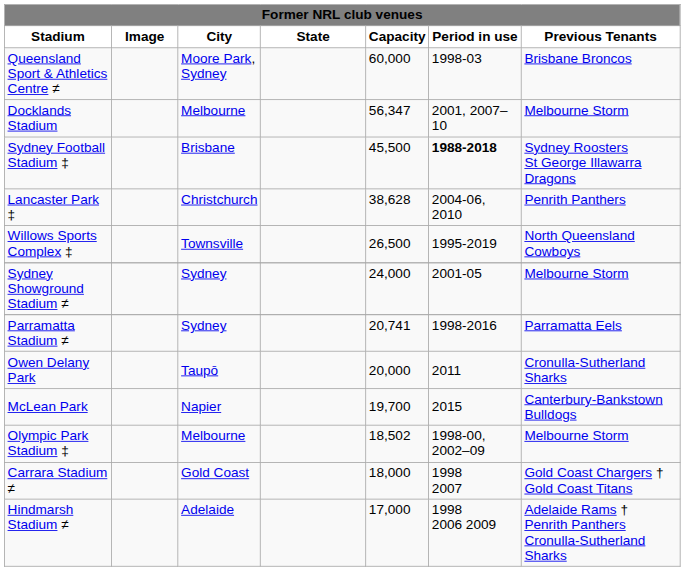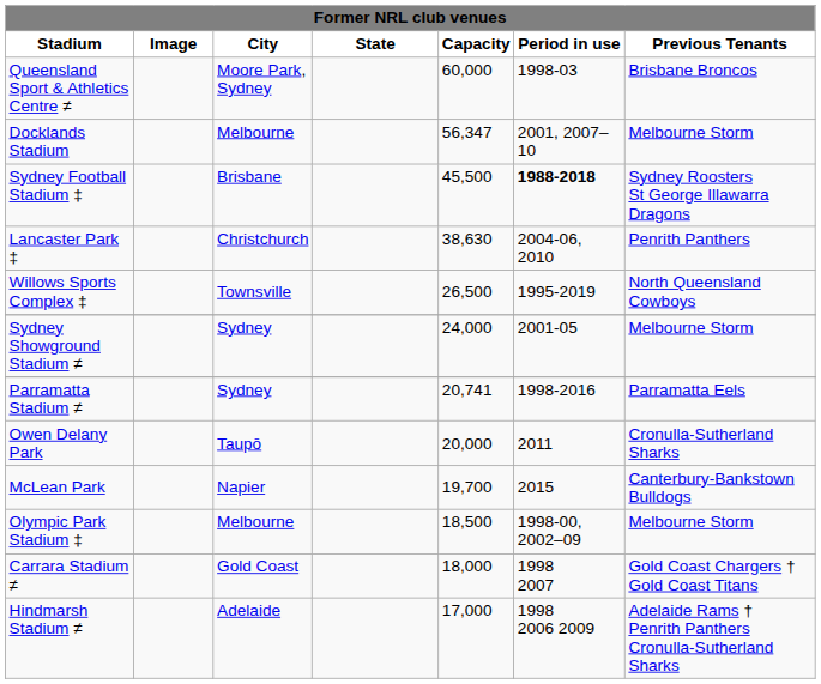 <table class="wikitable" style="width: 90%">
 <tr>
 <td colspan="7" style="background:gray; text-align:center;"><strong><span>Former NRL club venues</span></strong></td>
 </tr>
 <tr>
 <th style="background:white; width:16%">Stadium</th>
 <th style="background:white; width:10%">Image</th>
 <th style="background:white; width:12%">City</th>
 <th style="background:white; width:16%">State</th>
 <th style="background:white; width:8%">Capacity</th>
 <th style="background:white; width:14%">Period in use</th>
 <th style="background:white; width:25%">Previous Tenants</th>
 </tr>
 <tr valign="top">
 <td><a href='#'>Queensland Sport & Athletics Centre</a> ≠</td>
 <td></td>
 <td><a href='#'>Moore Park</a>, <a href='#'>Sydney</a></td>
 <td></td>
 <td>60,000</td>
 <td>1998-03</td>
 <td> <a href='#'>Brisbane Broncos</a></td>
 </tr>
 <tr valign="top">
 <td><a href='#'>Docklands Stadium</a></td>
 <td></td>
 <td><a href='#'>Melbourne</a></td>
 <td></td>
 <td>56,347</td>
 <td>2001, 2007–10</td>
 <td> <a href='#'>Melbourne Storm</a></td>
 </tr>
 <tr valign="top">
 <td><a href='#'>Sydney Football Stadium</a> ‡</td>
 <td></td>
 <td><a href='#'>Brisbane</a></td>
 <td></td>
 <td>45,500</td>
 <td><strong>1988-2018</strong></td>
 <td> <a href='#'>Sydney Roosters</a><br> <a href='#'>St George Illawarra Dragons</a></td>
 </tr>
 <tr valign="top">
 <td><a href='#'>Lancaster Park</a> ‡</td>
 <td></td>
 <td><a href='#'>Christchurch</a></td>
 <td></td>
-<td>38,628</td>
+<td>38,630</td>
 <td>2004-06, 2010</td>
 <td> <a href='#'>Penrith Panthers</a></td>
 </tr>
 <tr>
 <td><a href='#'>Willows Sports Complex</a> ‡</td>
 <td></td>
 <td><a href='#'>Townsville</a></td>
 <td></td>
 <td>26,500</td>
 <td>1995-2019</td>
 <td> <a href='#'>North Queensland Cowboys</a></td>
 </tr>
 <tr>
 </tr>
 <tr valign="top">
 <td><a href='#'>Sydney Showground Stadium</a> ≠</td>
 <td></td>
 <td><a href='#'>Sydney</a></td>
 <td></td>
 <td>24,000</td>
 <td>2001-05</td>
 <td> <a href='#'>Melbourne Storm</a></td>
 </tr>
 <tr>
 </tr>
 <tr valign="top">
 <td><a href='#'>Parramatta Stadium</a> ≠</td>
 <td></td>
 <td><a href='#'>Sydney</a></td>
 <td></td>
 <td>20,741</td>
 <td>1998-2016</td>
 <td> <a href='#'>Parramatta Eels</a></td>
 </tr>
 <tr>
 <td><a href='#'>Owen Delany Park</a></td>
 <td></td>
 <td><a href='#'>Taupō</a></td>
 <td></td>
 <td>20,000</td>
 <td>2011</td>
 <td> <a href='#'>Cronulla-Sutherland Sharks</a></td>
 </tr>
 <tr>
 <td><a href='#'>McLean Park</a></td>
 <td></td>
 <td><a href='#'>Napier</a></td>
 <td></td>
 <td>19,700</td>
 <td>2015</td>
 <td> <a href='#'>Canterbury-Bankstown Bulldogs</a></td>
 </tr>
 <tr valign="top">
 <td><a href='#'>Olympic Park Stadium</a> ‡</td>
 <td></td>
 <td><a href='#'>Melbourne</a></td>
 <td></td>
-<td>18,502</td>
+<td>18,500</td>
 <td>1998-00, 2002–09</td>
 <td> <a href='#'>Melbourne Storm</a></td>
 </tr>
 <tr valign="top">
 <td><a href='#'>Carrara Stadium</a> ≠</td>
 <td></td>
 <td><a href='#'>Gold Coast</a></td>
 <td></td>
 <td>18,000</td>
 <td>1998<br>2007</td>
 <td> <a href='#'>Gold Coast Chargers</a> †<br>  <a href='#'>Gold Coast Titans</a></td>
 </tr>
 <tr valign="top">
 <td><a href='#'>Hindmarsh Stadium</a> ≠</td>
 <td></td>
 <td><a href='#'>Adelaide</a></td>
 <td></td>
 <td>17,000</td>
 <td>1998<br>2006  2009</td>
 <td> <a href='#'>Adelaide Rams</a> †<br> <a href='#'>Penrith Panthers</a>   <a href='#'>Cronulla-Sutherland Sharks</a></td>
 </tr>
 </table>
